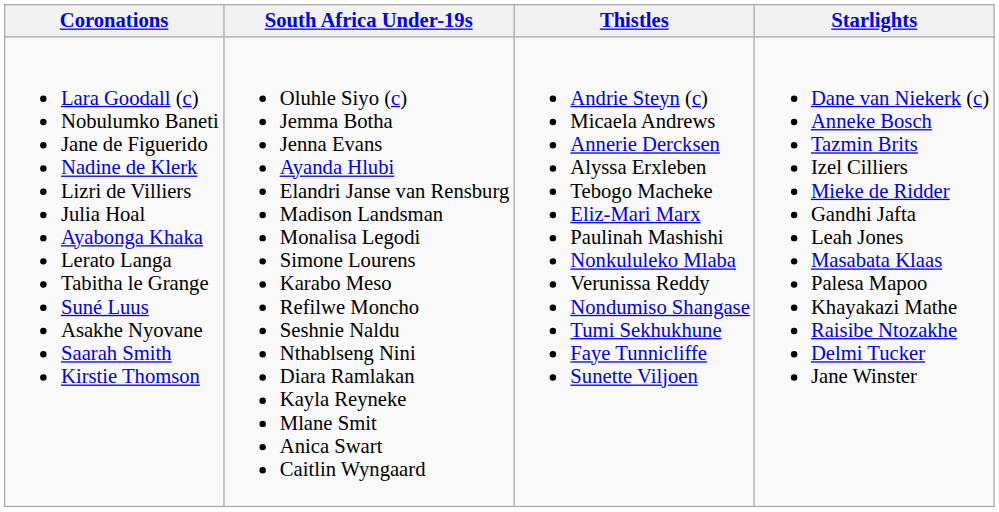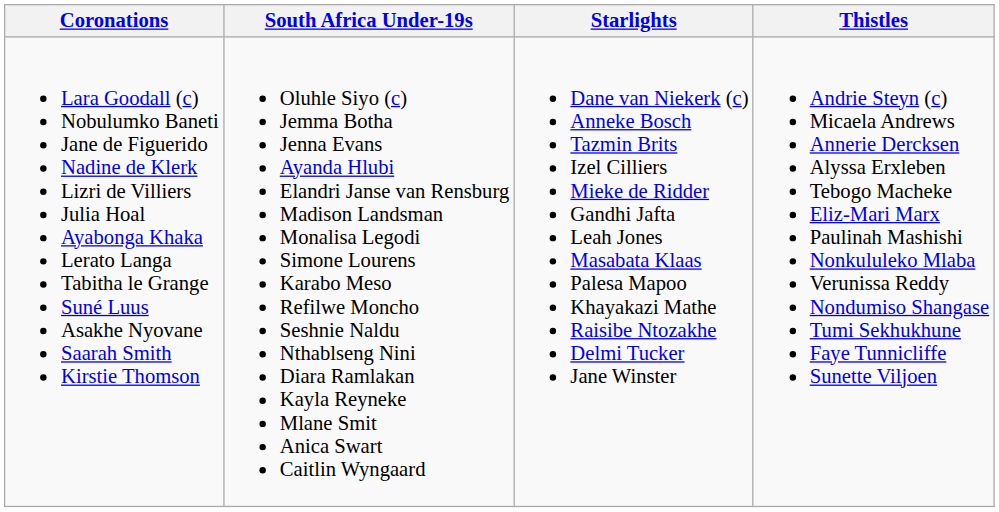 <table class="wikitable">
 <tr>
 <th><a href='#'>Coronations</a><br><small></small></th>
 <th><a href='#'>South Africa Under-19s</a><br><small></small></th>
+<th><a href='#'>Starlights</a><br><small></small></th>
 <th><a href='#'>Thistles</a><br><small></small></th>
-<th><a href='#'>Starlights</a><br><small></small></th>
 </tr>
 <tr>
 <td valign=top><br><ul><li><a href='#'>Lara Goodall</a> (<a href='#'>c</a>)</li><li>Nobulumko Baneti</li><li>Jane de Figuerido</li><li><a href='#'>Nadine de Klerk</a></li><li>Lizri de Villiers</li><li>Julia Hoal</li><li><a href='#'>Ayabonga Khaka</a></li><li>Lerato Langa</li><li>Tabitha le Grange</li><li><a href='#'>Suné Luus</a></li><li>Asakhe Nyovane</li><li><a href='#'>Saarah Smith</a></li><li><a href='#'>Kirstie Thomson</a></li></ul></td>
 <td valign=top><br><ul><li>Oluhle Siyo (<a href='#'>c</a>)</li><li>Jemma Botha</li><li>Jenna Evans</li><li><a href='#'>Ayanda Hlubi</a></li><li>Elandri Janse van Rensburg</li><li>Madison Landsman</li><li>Monalisa Legodi</li><li>Simone Lourens</li><li>Karabo Meso</li><li>Refilwe Moncho</li><li>Seshnie Naldu</li><li>Nthablseng Nini</li><li>Diara Ramlakan</li><li>Kayla Reyneke</li><li>Mlane Smit</li><li>Anica Swart</li><li>Caitlin Wyngaard</li></ul></td>
+<td valign=top><br><ul><li><a href='#'>Dane van Niekerk</a> (<a href='#'>c</a>)</li><li><a href='#'>Anneke Bosch</a></li><li><a href='#'>Tazmin Brits</a></li><li>Izel Cilliers</li><li><a href='#'>Mieke de Ridder</a></li><li>Gandhi Jafta</li><li>Leah Jones</li><li><a href='#'>Masabata Klaas</a></li><li>Palesa Mapoo</li><li>Khayakazi Mathe</li><li><a href='#'>Raisibe Ntozakhe</a></li><li><a href='#'>Delmi Tucker</a></li><li>Jane Winster</li></ul></td>
 <td valign=top><br><ul><li><a href='#'>Andrie Steyn</a> (<a href='#'>c</a>)</li><li>Micaela Andrews</li><li><a href='#'>Annerie Dercksen</a></li><li>Alyssa Erxleben</li><li>Tebogo Macheke</li><li><a href='#'>Eliz-Mari Marx</a></li><li>Paulinah Mashishi</li><li><a href='#'>Nonkululeko Mlaba</a></li><li>Verunissa Reddy</li><li><a href='#'>Nondumiso Shangase</a></li><li><a href='#'>Tumi Sekhukhune</a></li><li><a href='#'>Faye Tunnicliffe</a></li><li><a href='#'>Sunette Viljoen</a></li></ul></td>
-<td valign=top><br><ul><li><a href='#'>Dane van Niekerk</a> (<a href='#'>c</a>)</li><li><a href='#'>Anneke Bosch</a></li><li><a href='#'>Tazmin Brits</a></li><li>Izel Cilliers</li><li><a href='#'>Mieke de Ridder</a></li><li>Gandhi Jafta</li><li>Leah Jones</li><li><a href='#'>Masabata Klaas</a></li><li>Palesa Mapoo</li><li>Khayakazi Mathe</li><li><a href='#'>Raisibe Ntozakhe</a></li><li><a href='#'>Delmi Tucker</a></li><li>Jane Winster</li></ul></td>
 </tr>
 </table>
